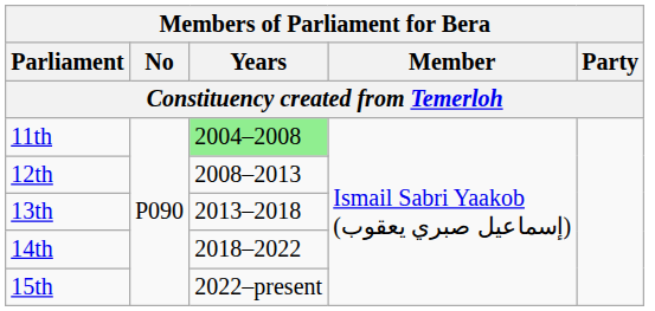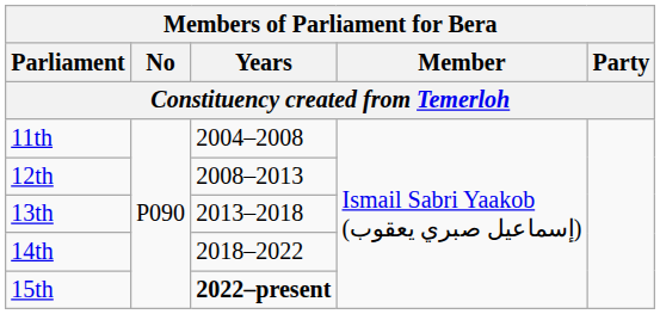 <table class=wikitable>
 <tr>
 <th colspan="5">Members of Parliament for Bera</th>
 </tr>
 <tr>
 <th>Parliament</th>
 <th>No</th>
 <th>Years</th>
 <th>Member</th>
 <th>Party</th>
 </tr>
 <tr>
 <th colspan="5" align="center"><em>Constituency created from <a href='#'>Temerloh</a></em></th>
 </tr>
 <tr>
 <td><a href='#'>11th</a></td>
 <td rowspan="5">P090</td>
-<td style="background: lightgreen;">2004–2008</td>
+<td>2004–2008</td>
 <td rowspan="5"><a href='#'>Ismail Sabri Yaakob</a> <br> (إسماعيل صبري يعقوب)</td>
 <td rowspan="5"></td>
 </tr>
 <tr>
 <td><a href='#'>12th</a></td>
 <td>2008–2013</td>
 </tr>
 <tr>
 <td><a href='#'>13th</a></td>
 <td>2013–2018</td>
 </tr>
 <tr>
 <td><a href='#'>14th</a></td>
 <td>2018–2022</td>
 </tr>
 <tr>
 <td><a href='#'>15th</a></td>
-<td>2022–present</td>
+<td><strong>2022–present</strong></td>
 </tr>
 </table>
